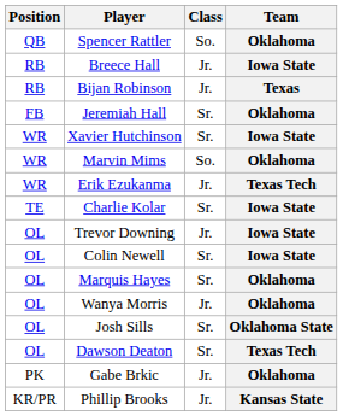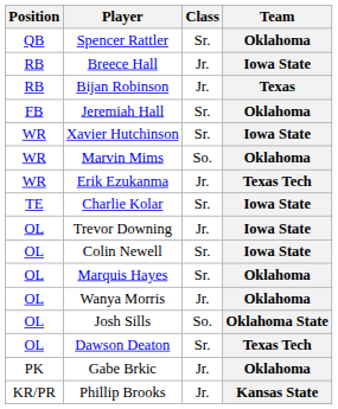 <table class="wikitable sortable" border="1">
 <tr>
 <th>Position</th>
 <th>Player</th>
 <th>Class</th>
 <th>Team</th>
 </tr>
 <tr>
 <td style="text-align:center; background:white"><a href='#'>QB</a></td>
 <td style="text-align:center; background:white"><a href='#'>Spencer Rattler</a></td>
-<td style="text-align:center; background:white">So.</td>
+<td style="text-align:center; background:white">Sr.</td>
 <th>Oklahoma</th>
 </tr>
 <tr>
 <td style="text-align:center; background:white"><a href='#'>RB</a></td>
 <td style="text-align:center; background:white"><a href='#'>Breece Hall</a></td>
 <td style="text-align:center; background:white">Jr.</td>
 <th>Iowa State</th>
 </tr>
 <tr>
 <td style="text-align:center; background:white"><a href='#'>RB</a></td>
 <td style="text-align:center; background:white"><a href='#'>Bijan Robinson</a></td>
 <td style="text-align:center; background:white">Jr.</td>
 <th>Texas</th>
 </tr>
 <tr>
 <td style="text-align:center; background:white"><a href='#'>FB</a></td>
 <td style="text-align:center; background:white"><a href='#'>Jeremiah Hall</a></td>
 <td style="text-align:center; background:white">Sr.</td>
 <th>Oklahoma</th>
 </tr>
 <tr>
 <td style="text-align:center; background:white"><a href='#'>WR</a></td>
 <td style="text-align:center; background:white"><a href='#'>Xavier Hutchinson</a></td>
 <td style="text-align:center; background:white">Sr.</td>
 <th>Iowa State</th>
 </tr>
 <tr>
 <td style="text-align:center; background:white"><a href='#'>WR</a></td>
 <td style="text-align:center; background:white"><a href='#'>Marvin Mims</a></td>
 <td style="text-align:center; background:white">So.</td>
 <th>Oklahoma</th>
 </tr>
 <tr>
 <td style="text-align:center; background:white"><a href='#'>WR</a></td>
 <td style="text-align:center; background:white"><a href='#'>Erik Ezukanma</a></td>
 <td style="text-align:center; background:white">Jr.</td>
 <th>Texas Tech</th>
 </tr>
 <tr>
 <td style="text-align:center; background:white"><a href='#'>TE</a></td>
 <td style="text-align:center; background:white"><a href='#'>Charlie Kolar</a></td>
 <td style="text-align:center; background:white">Sr.</td>
 <th>Iowa State</th>
 </tr>
 <tr>
 <td style="text-align:center; background:white"><a href='#'>OL</a></td>
 <td style="text-align:center; background:white">Trevor Downing</td>
 <td style="text-align:center; background:white">Jr.</td>
 <th>Iowa State</th>
 </tr>
 <tr>
 <td style="text-align:center; background:white"><a href='#'>OL</a></td>
 <td style="text-align:center; background:white">Colin Newell</td>
 <td style="text-align:center; background:white">Sr.</td>
 <th>Iowa State</th>
 </tr>
 <tr>
 <td style="text-align:center; background:white"><a href='#'>OL</a></td>
 <td style="text-align:center; background:white"><a href='#'>Marquis Hayes</a></td>
 <td style="text-align:center; background:white">Sr.</td>
 <th>Oklahoma</th>
 </tr>
 <tr>
 <td style="text-align:center; background:white"><a href='#'>OL</a></td>
 <td style="text-align:center; background:white">Wanya Morris</td>
 <td style="text-align:center; background:white">Jr.</td>
 <th>Oklahoma</th>
 </tr>
 <tr>
 <td style="text-align:center; background:white"><a href='#'>OL</a></td>
 <td style="text-align:center; background:white">Josh Sills</td>
-<td style="text-align:center; background:white">Sr.</td>
+<td style="text-align:center; background:white">So.</td>
 <th>Oklahoma State</th>
 </tr>
 <tr>
 <td style="text-align:center; background:white"><a href='#'>OL</a></td>
 <td style="text-align:center; background:white"><a href='#'>Dawson Deaton</a></td>
 <td style="text-align:center; background:white">Sr.</td>
 <th>Texas Tech</th>
 </tr>
 <tr>
 <td style="text-align:center; background:white">PK</td>
 <td style="text-align:center; background:white">Gabe Brkic</td>
 <td style="text-align:center; background:white">Jr.</td>
 <th>Oklahoma</th>
 </tr>
 <tr>
 <td style="text-align:center; background:white">KR/PR</td>
 <td style="text-align:center; background:white">Phillip Brooks</td>
 <td style="text-align:center; background:white">Jr.</td>
 <th>Kansas State</th>
 </tr>
 </table>
